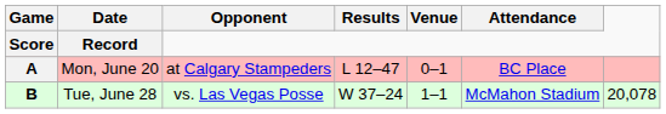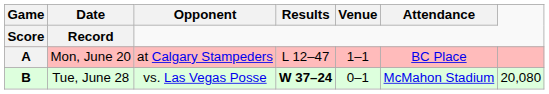 <table class="wikitable" style="text-align:center">
 <tr>
 <th>Game</th>
 <th>Date</th>
 <th>Opponent</th>
 <th>Results</th>
 <th>Venue</th>
 <th>Attendance</th>
 </tr>
 <tr>
 <th>Score</th>
 <th>Record</th>
 </tr>
 <tr style="background:#ffbbbb">
 <th>A</th>
 <td>Mon, June 20</td>
 <td>at <a href='#'>Calgary Stampeders</a></td>
 <td>L 12–47</td>
-<td>0–1</td>
+<td>1–1</td>
 <td><a href='#'>BC Place</a></td>
 <td></td>
 </tr>
 <tr style="background:#ddffdd">
 <td><strong>B</strong></td>
 <td>Tue, June 28</td>
 <td>vs. <a href='#'>Las Vegas Posse</a></td>
-<td>W 37–24</td>
-<td>1–1</td>
+<td><strong>W 37–24</strong></td>
+<td>0–1</td>
 <td><a href='#'>McMahon Stadium</a></td>
-<td>20,078</td>
+<td>20,080</td>
 </tr>
 </table>
